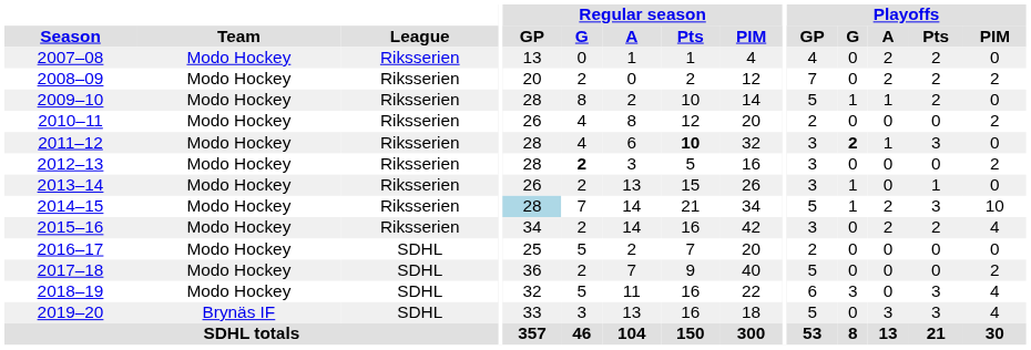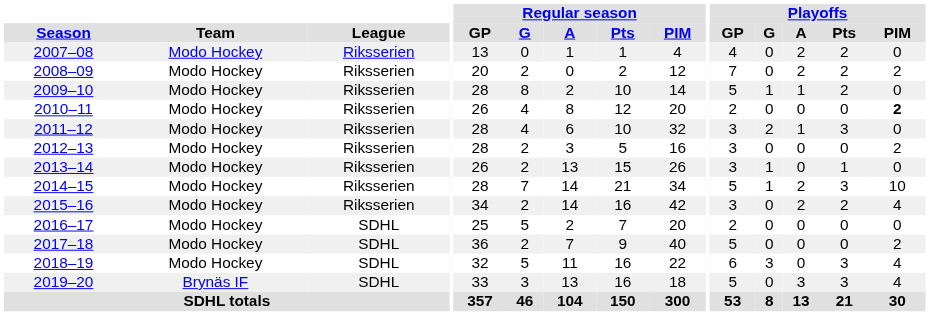 <table border="0" cellpadding="1" cellspacing="0" style="text-align:center; width:60em">
 <tr bgcolor="#e0e0e0">
 <th colspan="3" bgcolor="#ffffff"></th>
 <th rowspan="100" bgcolor="#ffffff"></th>
 <th colspan="5"><a href='#'>Regular season</a></th>
 <th rowspan="100" bgcolor="#ffffff"></th>
 <th colspan="5"><a href='#'>Playoffs</a></th>
 </tr>
 <tr bgcolor="#e0e0e0">
 <th><a href='#'>Season</a></th>
 <th>Team</th>
 <th>League</th>
 <th>GP</th>
 <th><a href='#'>G</a></th>
 <th><a href='#'>A</a></th>
 <th><a href='#'>Pts</a></th>
 <th><a href='#'>PIM</a></th>
 <th>GP</th>
 <th>G</th>
 <th>A</th>
 <th>Pts</th>
 <th>PIM</th>
 </tr>
 <tr style="background:#f0f0f0;">
 <td><a href='#'>2007–08</a></td>
 <td><a href='#'>Modo Hockey</a></td>
 <td><a href='#'>Riksserien</a></td>
 <td>13</td>
 <td>0</td>
 <td>1</td>
 <td>1</td>
 <td>4</td>
 <td>4</td>
 <td>0</td>
 <td>2</td>
 <td>2</td>
 <td>0</td>
 </tr>
 <tr>
 <td><a href='#'>2008–09</a></td>
 <td>Modo Hockey</td>
 <td>Riksserien</td>
 <td>20</td>
 <td>2</td>
 <td>0</td>
 <td>2</td>
 <td>12</td>
 <td>7</td>
 <td>0</td>
 <td>2</td>
 <td>2</td>
 <td>2</td>
 </tr>
 <tr style="background:#f0f0f0;">
 <td><a href='#'>2009–10</a></td>
 <td>Modo Hockey</td>
 <td>Riksserien</td>
 <td>28</td>
 <td>8</td>
 <td>2</td>
 <td>10</td>
 <td>14</td>
 <td>5</td>
 <td>1</td>
 <td>1</td>
 <td>2</td>
 <td>0</td>
 </tr>
 <tr>
 <td><a href='#'>2010–11</a></td>
 <td>Modo Hockey</td>
 <td>Riksserien</td>
 <td>26</td>
 <td>4</td>
 <td>8</td>
 <td>12</td>
 <td>20</td>
 <td>2</td>
 <td>0</td>
 <td>0</td>
 <td>0</td>
-<td>2</td>
+<td><strong>2</strong></td>
 </tr>
 <tr style="background:#f0f0f0;">
 <td><a href='#'>2011–12</a></td>
 <td>Modo Hockey</td>
 <td>Riksserien</td>
 <td>28</td>
 <td>4</td>
 <td>6</td>
-<td><strong>10</strong></td>
+<td>10</td>
 <td>32</td>
 <td>3</td>
-<td><strong>2</strong></td>
+<td>2</td>
 <td>1</td>
 <td>3</td>
 <td>0</td>
 </tr>
 <tr>
 <td><a href='#'>2012–13</a></td>
 <td>Modo Hockey</td>
 <td>Riksserien</td>
 <td>28</td>
-<td><strong>2</strong></td>
+<td>2</td>
 <td>3</td>
 <td>5</td>
 <td>16</td>
 <td>3</td>
 <td>0</td>
 <td>0</td>
 <td>0</td>
 <td>2</td>
 </tr>
 <tr style="background:#f0f0f0;">
 <td><a href='#'>2013–14</a></td>
 <td>Modo Hockey</td>
 <td>Riksserien</td>
 <td>26</td>
 <td>2</td>
 <td>13</td>
 <td>15</td>
 <td>26</td>
 <td>3</td>
 <td>1</td>
 <td>0</td>
 <td>1</td>
 <td>0</td>
 </tr>
 <tr>
 <td><a href='#'>2014–15</a></td>
 <td>Modo Hockey</td>
 <td>Riksserien</td>
-<td style="background: lightblue;">28</td>
+<td>28</td>
 <td>7</td>
 <td>14</td>
 <td>21</td>
 <td>34</td>
 <td>5</td>
 <td>1</td>
 <td>2</td>
 <td>3</td>
 <td>10</td>
 </tr>
 <tr style="background:#f0f0f0;">
 <td><a href='#'>2015–16</a></td>
 <td>Modo Hockey</td>
 <td>Riksserien</td>
 <td>34</td>
 <td>2</td>
 <td>14</td>
 <td>16</td>
 <td>42</td>
 <td>3</td>
 <td>0</td>
 <td>2</td>
 <td>2</td>
 <td>4</td>
 </tr>
 <tr>
 <td><a href='#'>2016–17</a></td>
 <td>Modo Hockey</td>
 <td>SDHL</td>
 <td>25</td>
 <td>5</td>
 <td>2</td>
 <td>7</td>
 <td>20</td>
 <td>2</td>
 <td>0</td>
 <td>0</td>
 <td>0</td>
 <td>0</td>
 </tr>
 <tr style="background:#f0f0f0;">
 <td><a href='#'>2017–18</a></td>
 <td>Modo Hockey</td>
 <td>SDHL</td>
 <td>36</td>
 <td>2</td>
 <td>7</td>
 <td>9</td>
 <td>40</td>
 <td>5</td>
 <td>0</td>
 <td>0</td>
 <td>0</td>
 <td>2</td>
 </tr>
 <tr>
 <td><a href='#'>2018–19</a></td>
 <td>Modo Hockey</td>
 <td>SDHL</td>
 <td>32</td>
 <td>5</td>
 <td>11</td>
 <td>16</td>
 <td>22</td>
 <td>6</td>
 <td>3</td>
 <td>0</td>
 <td>3</td>
 <td>4</td>
 </tr>
 <tr style="background:#f0f0f0;">
 <td><a href='#'>2019–20</a></td>
 <td><a href='#'>Brynäs IF</a></td>
 <td>SDHL</td>
 <td>33</td>
 <td>3</td>
 <td>13</td>
 <td>16</td>
 <td>18</td>
 <td>5</td>
 <td>0</td>
 <td>3</td>
 <td>3</td>
 <td>4</td>
 </tr>
 <tr style="text-align:center; background:#e0e0e0;">
 <th colspan="3">SDHL totals</th>
 <th>357</th>
 <th>46</th>
 <th>104</th>
 <th>150</th>
 <th>300</th>
 <th>53</th>
 <th>8</th>
 <th>13</th>
 <th>21</th>
 <th>30</th>
 </tr>
 </table>
